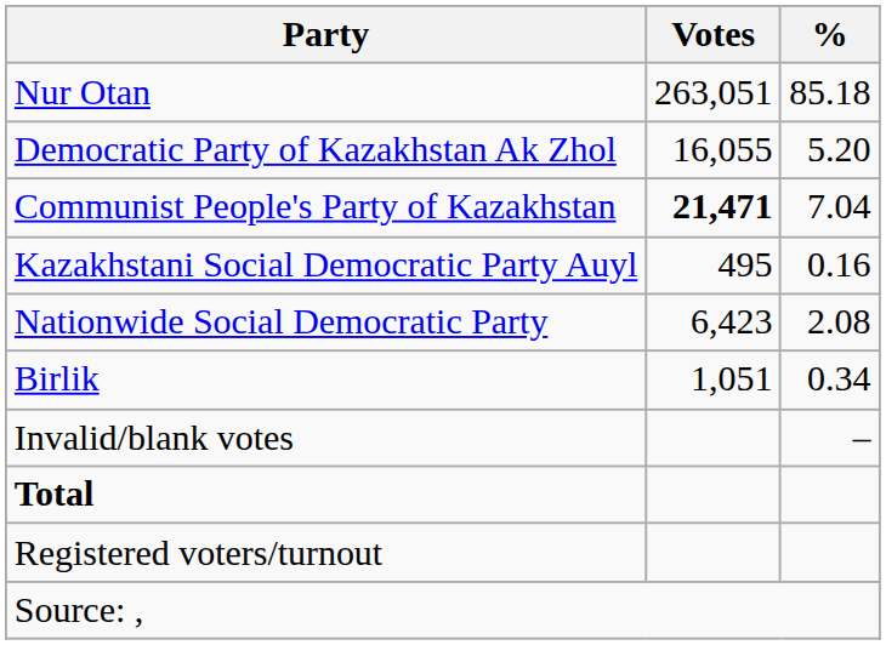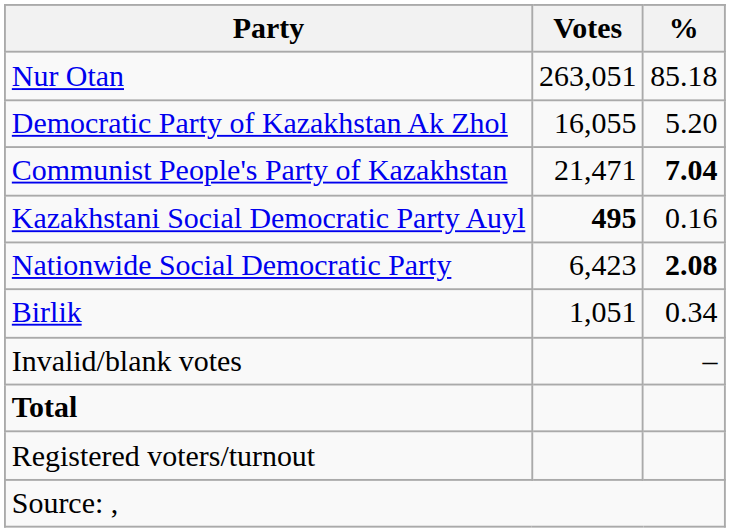 <table class=wikitable style=text-align:right>
 <tr>
 <th>Party</th>
 <th>Votes</th>
 <th>%</th>
 </tr>
 <tr>
 <td align=left><a href='#'>Nur Otan</a></td>
 <td>263,051</td>
 <td>85.18</td>
 </tr>
 <tr>
 <td align=left><a href='#'>Democratic Party of Kazakhstan Ak Zhol</a></td>
 <td>16,055</td>
 <td>5.20</td>
 </tr>
 <tr>
 <td align=left><a href='#'>Communist People's Party of Kazakhstan</a></td>
-<td><strong>21,471</strong></td>
-<td>7.04</td>
+<td>21,471</td>
+<td><strong>7.04</strong></td>
 </tr>
 <tr>
 <td align=left><a href='#'>Kazakhstani Social Democratic Party Auyl</a></td>
-<td>495</td>
+<td><strong>495</strong></td>
 <td>0.16</td>
 </tr>
 <tr>
 <td align=left><a href='#'>Nationwide Social Democratic Party</a></td>
 <td>6,423</td>
-<td>2.08</td>
+<td><strong>2.08</strong></td>
 </tr>
 <tr>
 <td align=left><a href='#'>Birlik</a></td>
 <td>1,051</td>
 <td>0.34</td>
 </tr>
 <tr>
 <td align=left>Invalid/blank votes</td>
 <td></td>
 <td>–</td>
 </tr>
 <tr>
 <td align=left><strong>Total</strong></td>
 <td></td>
 <td></td>
 </tr>
 <tr>
 <td align=left>Registered voters/turnout</td>
 <td></td>
 <td></td>
 </tr>
 <tr>
 <td style="text-align:left;" colspan="5">Source: , </td>
 </tr>
 </table>
